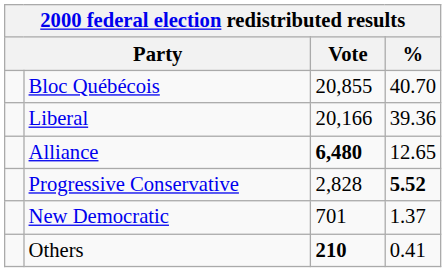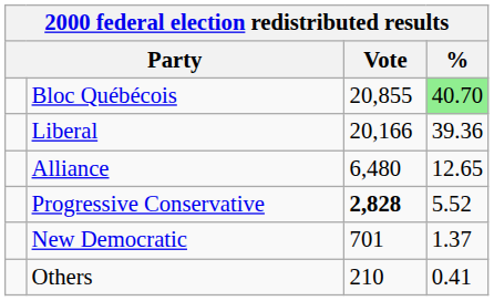 <table class="wikitable">
 <tr>
 <th colspan="4"><a href='#'>2000 federal election</a> redistributed results</th>
 </tr>
 <tr>
 <th bgcolor="#DDDDFF" width="230px" colspan="2">Party</th>
 <th bgcolor="#DDDDFF" width="50px">Vote</th>
 <th bgcolor="#DDDDFF" width="30px">%</th>
 </tr>
 <tr>
 <td> </td>
 <td><a href='#'>Bloc Québécois</a></td>
 <td>20,855</td>
-<td>40.70</td>
+<td style="background: lightgreen;">40.70</td>
 </tr>
 <tr>
 <td> </td>
 <td><a href='#'>Liberal</a></td>
 <td>20,166</td>
 <td>39.36</td>
 </tr>
 <tr>
 <td> </td>
 <td><a href='#'>Alliance</a></td>
-<td><strong>6,480</strong></td>
+<td>6,480</td>
 <td>12.65</td>
 </tr>
 <tr>
 <td> </td>
 <td><a href='#'>Progressive Conservative</a></td>
-<td>2,828</td>
-<td><strong>5.52</strong></td>
+<td><strong>2,828</strong></td>
+<td>5.52</td>
 </tr>
 <tr>
 <td> </td>
 <td><a href='#'>New Democratic</a></td>
 <td>701</td>
 <td>1.37</td>
 </tr>
 <tr>
 <td> </td>
 <td>Others</td>
-<td><strong>210</strong></td>
+<td>210</td>
 <td>0.41</td>
 </tr>
 </table>
